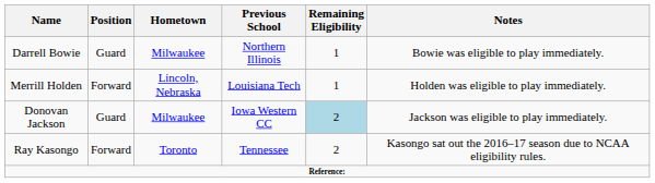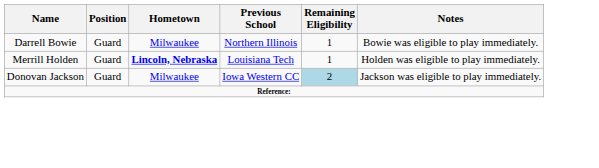 <table class="wikitable" style="text-align: center">
 <tr align=center>
 <th>Name</th>
 <th>Position</th>
 <th>Hometown</th>
 <th>Previous<br>School</th>
 <th>Remaining<br>Eligibility</th>
 <th>Notes</th>
 </tr>
 <tr>
 <td>Darrell Bowie</td>
 <td>Guard</td>
 <td><a href='#'>Milwaukee</a></td>
 <td><a href='#'>Northern Illinois</a></td>
 <td>1</td>
 <td>Bowie was eligible to play immediately.</td>
 </tr>
 <tr>
 <td>Merrill Holden</td>
-<td>Forward</td>
-<td><a href='#'>Lincoln, Nebraska</a></td>
+<td>Guard</td>
+<td><strong><a href='#'>Lincoln, Nebraska</a></strong></td>
 <td><a href='#'>Louisiana Tech</a></td>
 <td>1</td>
 <td>Holden was eligible to play immediately.</td>
 </tr>
 <tr>
 <td>Donovan Jackson</td>
 <td>Guard</td>
 <td><a href='#'>Milwaukee</a></td>
 <td><a href='#'>Iowa Western CC</a></td>
 <td style="background: lightblue;">2</td>
 <td>Jackson was eligible to play immediately.</td>
 </tr>
 <tr>
-<td>Ray Kasongo</td>
-<td>Forward</td>
-<td><a href='#'>Toronto</a></td>
-<td><a href='#'>Tennessee</a></td>
-<td>2</td>
-<td>Kasongo sat out the 2016–17 season due to NCAA eligibility rules.</td>
-</tr>
-<tr>
 <td colspan="6"  style="font-size:8pt; text-align:center;"><strong>Reference:</strong></td>
 </tr>
 </table>
